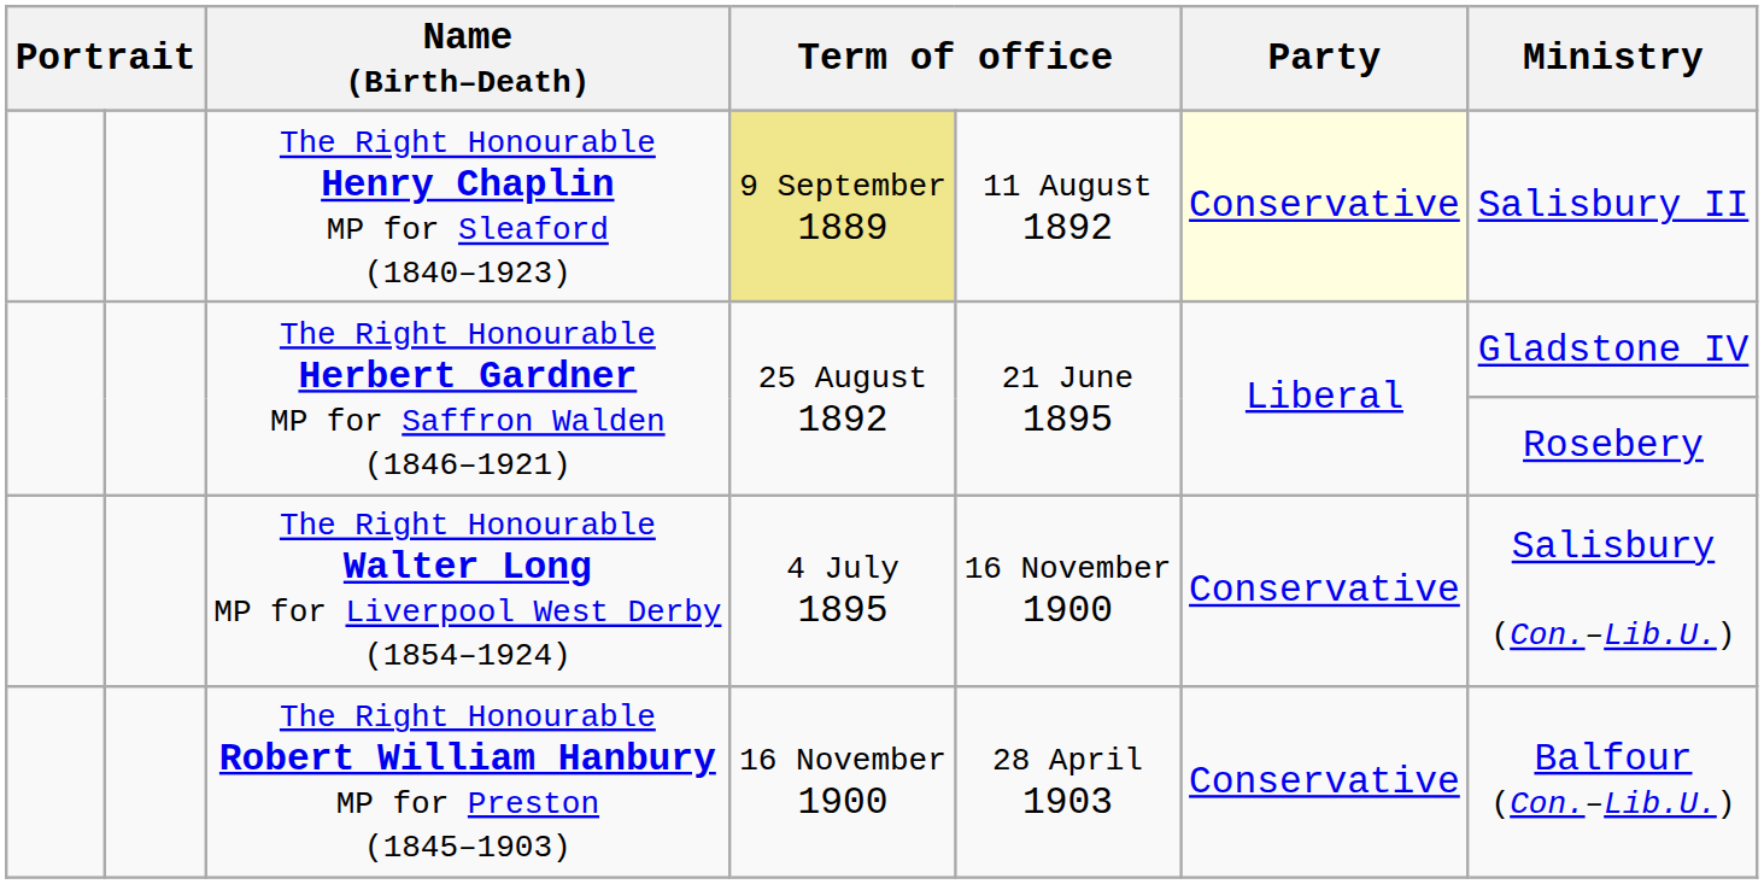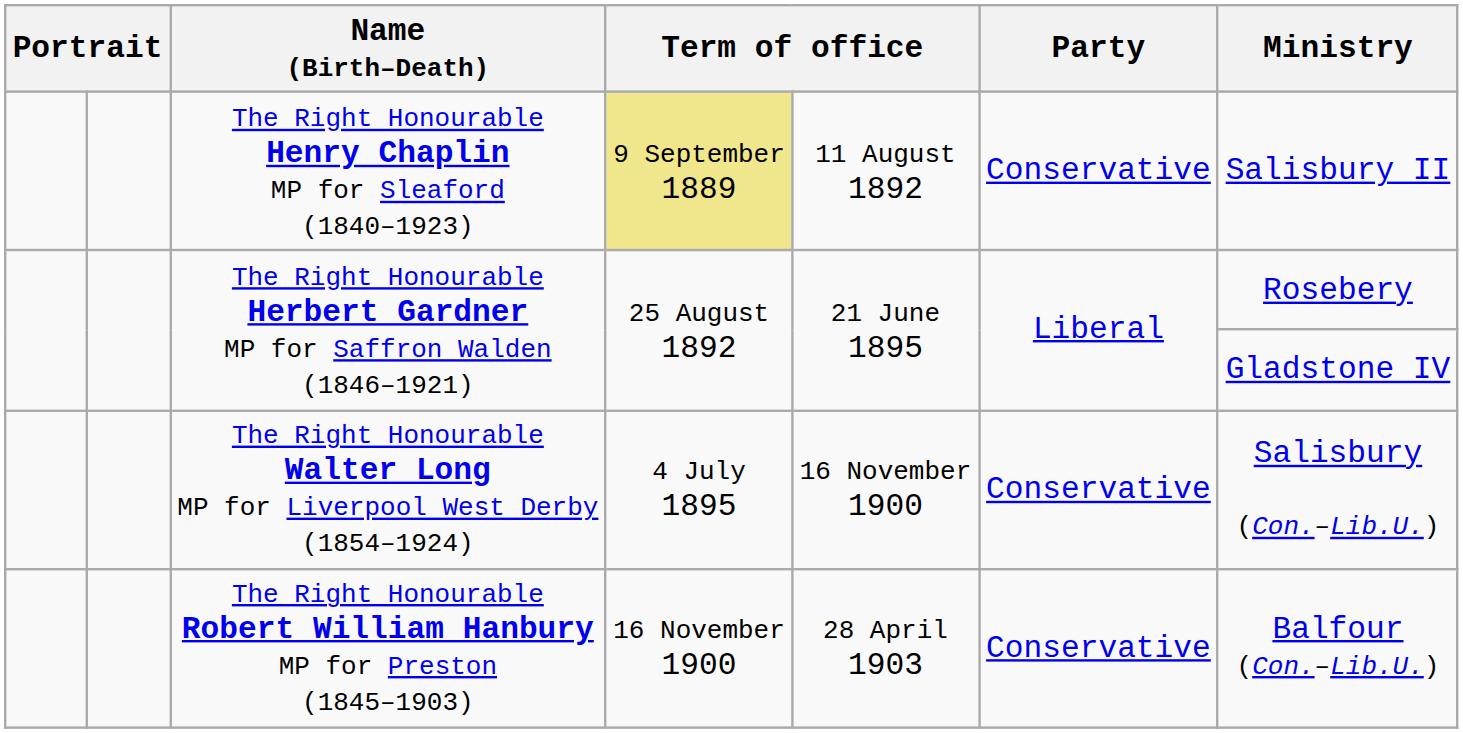 <table class="wikitable" style="text-align:center; white-space: nowrap;">
 <tr>
 <th colspan=2>Portrait</th>
 <th>Name<br><small>(Birth–Death)</small></th>
 <th colspan=2>Term of office</th>
 <th>Party</th>
 <th>Ministry</th>
 </tr>
 <tr>
 <td style="background-color: "></td>
 <td></td>
 <td><a href='#'><small>The Right Honourable</small><br><strong>Henry Chaplin</strong></a><br><small>MP for <a href='#'>Sleaford</a><br>(1840–1923)</small></td>
 <td style="background: khaki;"><small>9 September</small><br>1889</td>
 <td><small>11 August</small><br>1892</td>
-<td style="background: lightyellow;"><a href='#'>Conservative</a></td>
+<td><a href='#'>Conservative</a></td>
 <td><a href='#'>Salisbury II</a></td>
 </tr>
 <tr>
 <td rowspan=2 style="background-color: "></td>
 <td rowspan=2></td>
 <td rowspan=2><a href='#'><small>The Right Honourable</small><br><strong>Herbert Gardner</strong></a><br><small>MP for <a href='#'>Saffron Walden</a><br>(1846–1921)</small></td>
 <td rowspan=2><small>25 August</small><br>1892</td>
 <td rowspan=2><small>21 June</small><br>1895</td>
 <td rowspan=2 ><a href='#'>Liberal</a></td>
-<td><a href='#'>Gladstone IV</a></td>
+<td><a href='#'>Rosebery</a></td>
 </tr>
 <tr>
-<td><a href='#'>Rosebery</a></td>
+<td><a href='#'>Gladstone IV</a></td>
 </tr>
 <tr>
 <td style="background-color: "></td>
 <td></td>
 <td><a href='#'><small>The Right Honourable</small><br><strong>Walter Long</strong></a><br><small>MP for <a href='#'>Liverpool West Derby</a><br>(1854–1924)</small></td>
 <td><small>4 July</small><br>1895</td>
 <td><small>16 November</small><br>1900</td>
 <td><a href='#'>Conservative</a></td>
 <td rowspan=2 ><a href='#'>Salisbury<br></a><br><small>(<em><a href='#'>Con.</a>–<a href='#'>Lib.U.</a></em>)</small></td>
 </tr>
 <tr>
 <td rowspan=2 style="background-color: "></td>
 <td rowspan=2></td>
 <td rowspan=2><a href='#'><small>The Right Honourable</small><br><strong>Robert William Hanbury</strong></a><br><small>MP for <a href='#'>Preston</a><br>(1845–1903)</small></td>
 <td rowspan=2><small>16 November</small><br>1900</td>
 <td rowspan=2><small>28 April</small><br>1903</td>
 <td rowspan=2 ><a href='#'>Conservative</a></td>
 </tr>
 <tr>
 <td><a href='#'>Balfour</a><br><small>(<em><a href='#'>Con.</a>–<a href='#'>Lib.U.</a></em>)</small></td>
 </tr>
 </table>
